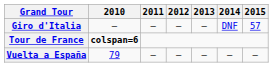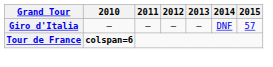 <table class="wikitable plainrowheaders">
 <tr>
 <th scope="col"><a href='#'>Grand Tour</a></th>
 <th scope="col">2010</th>
 <th scope="col">2011</th>
 <th scope="col">2012</th>
 <th scope="col">2013</th>
 <th scope="col">2014</th>
 <th scope="col">2015</th>
 </tr>
 <tr style="text-align:center;">
 <th scope="row"> <a href='#'>Giro d'Italia</a></th>
 <td>—</td>
 <td>—</td>
 <td>—</td>
 <td>—</td>
 <td><a href='#'>DNF</a></td>
 <td><a href='#'>57</a></td>
 </tr>
 <tr style="text-align:center;">
 <th scope="row"> <a href='#'>Tour de France</a></th>
 <td><strong>colspan=6 </strong></td>
 </tr>
-<tr style="text-align:center;">
-<th scope="row"> <a href='#'>Vuelta a España</a></th>
-<td><a href='#'>79</a></td>
-<td>—</td>
-<td>—</td>
-<td>—</td>
-<td>—</td>
-<td>—</td>
-</tr>
 </table>
